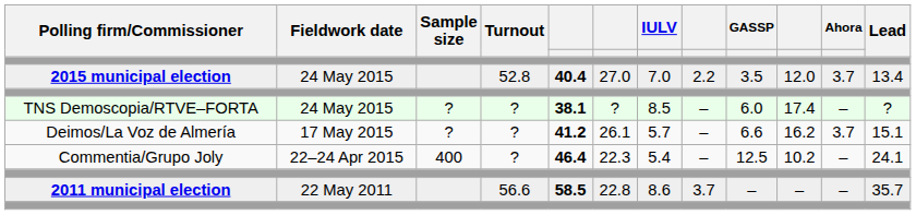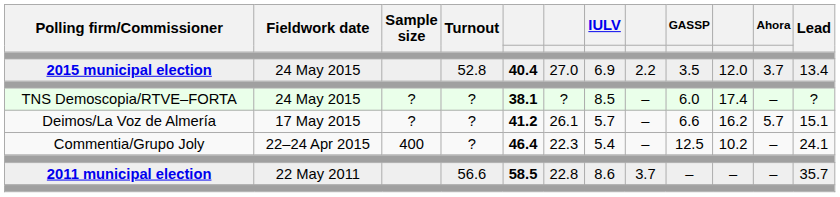 <table class="wikitable collapsible collapsed" style="text-align:center; font-size:95%; line-height:16px;">
 <tr style="height:42px;">
 <th style="width:250px;" rowspan="2">Polling firm/Commissioner</th>
 <th style="width:125px;" rowspan="2">Fieldwork date</th>
 <th style="width:50px;" rowspan="2">Sample size</th>
 <th style="width:45px;" rowspan="2">Turnout</th>
 <th style="width:35px;"></th>
 <th style="width:35px;"></th>
 <th style="width:35px;"><a href='#'>IULV</a></th>
 <th style="width:35px;"></th>
 <th style="width:35px; font-size:80%;">GASSP</th>
 <th style="width:35px;"></th>
 <th style="width:35px; font-size:80%;">Ahora</th>
 <th style="width:30px;" rowspan="2">Lead</th>
 </tr>
 <tr>
 <th style="color:inherit;background:"></th>
 <th style="color:inherit;background:"></th>
 <th style="color:inherit;background:"></th>
 <th style="color:inherit;background:"></th>
 <th style="color:inherit;background:"></th>
 <th style="color:inherit;background:"></th>
 <th style="color:inherit;background:"></th>
 </tr>
 <tr>
 <td colspan="12" style="background:#A0A0A0"></td>
 </tr>
 <tr style="background:#EFEFEF;">
 <td><strong><a href='#'>2015 municipal election</a></strong></td>
 <td>24 May 2015</td>
 <td></td>
 <td>52.8</td>
 <td><strong>40.4</strong><br></td>
 <td>27.0<br></td>
-<td>7.0<br></td>
+<td>6.9<br></td>
 <td>2.2<br></td>
 <td>3.5<br></td>
 <td>12.0<br></td>
 <td>3.7<br></td>
 <td style="background:">13.4</td>
 </tr>
 <tr>
 <td colspan="12" style="background:#A0A0A0"></td>
 </tr>
 <tr style="background:#EAFFEA;">
 <td>TNS Demoscopia/RTVE–FORTA</td>
 <td>24 May 2015</td>
 <td>?</td>
 <td>?</td>
 <td><strong>38.1</strong><br></td>
 <td>?<br></td>
 <td>8.5<br></td>
 <td>–</td>
 <td>6.0<br></td>
 <td>17.4<br></td>
 <td>–</td>
 <td style="background:">?</td>
 </tr>
 <tr>
 <td>Deimos/La Voz de Almería</td>
 <td>17 May 2015</td>
 <td>?</td>
 <td>?</td>
 <td><strong>41.2</strong><br></td>
 <td>26.1<br></td>
 <td>5.7<br></td>
 <td>–</td>
 <td>6.6<br></td>
 <td>16.2<br></td>
-<td>3.7<br></td>
+<td>5.7<br></td>
 <td style="background:">15.1</td>
 </tr>
 <tr>
 <td>Commentia/Grupo Joly</td>
 <td>22–24 Apr 2015</td>
 <td>400</td>
 <td>?</td>
 <td><strong>46.4</strong><br></td>
 <td>22.3<br></td>
 <td>5.4<br></td>
 <td>–</td>
 <td>12.5<br></td>
 <td>10.2<br></td>
 <td>–</td>
 <td style="background:">24.1</td>
 </tr>
 <tr>
 <td colspan="12" style="background:#A0A0A0"></td>
 </tr>
 <tr style="background:#EFEFEF;">
 <td><strong><a href='#'>2011 municipal election</a></strong></td>
 <td>22 May 2011</td>
 <td></td>
 <td>56.6</td>
 <td><strong>58.5</strong><br></td>
 <td>22.8<br></td>
 <td>8.6<br></td>
 <td>3.7<br></td>
 <td>–</td>
 <td>–</td>
 <td>–</td>
 <td style="background:">35.7</td>
 </tr>
 <tr>
 <td colspan="12" style="background:#A0A0A0"></td>
 </tr>
 </table>
